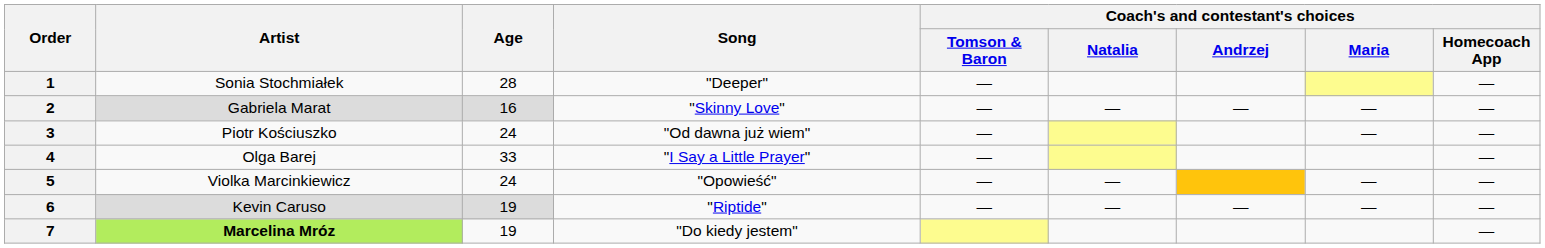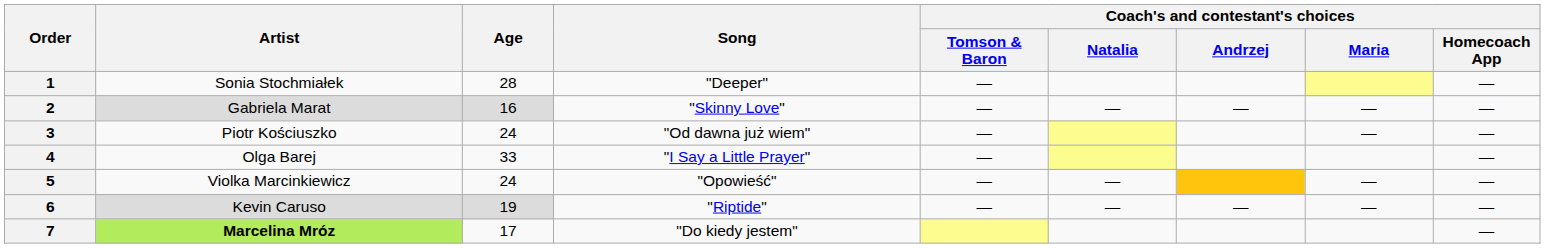 <table class="wikitable" style="text-align:center; width:100%;">
 <tr>
 <th scope="col" rowspan="2" style="width:05%;">Order</th>
 <th scope="col" rowspan="2" style="width:20%;">Artist</th>
 <th scope="col" rowspan="2" style="width:05%;">Age</th>
 <th scope="col" rowspan="2" style="width:20%;">Song</th>
 <th scope="col" colspan="5" style="width:32%;">Coach's and contestant's choices</th>
 </tr>
 <tr>
 <th style="width:07%;"><a href='#'>Tomson & Baron</a></th>
 <th style="width:07%;"><a href='#'>Natalia</a></th>
 <th style="width:07%;"><a href='#'>Andrzej</a></th>
 <th style="width:07%;"><a href='#'>Maria</a></th>
 <th style="width:04%;">Homecoach App</th>
 </tr>
 <tr>
 <th>1</th>
 <td>Sonia Stochmiałek</td>
 <td>28</td>
 <td>"Deeper"</td>
 <td>—</td>
 <td><strong></strong></td>
 <td><strong></strong></td>
 <td style="background:#fdfc8f;"><strong></strong></td>
 <td>—</td>
 </tr>
 <tr>
 <th>2</th>
 <td style="background:#DCDCDC;">Gabriela Marat</td>
 <td style="background:#DCDCDC;">16</td>
 <td>"<a href='#'>Skinny Love</a>"</td>
 <td>—</td>
 <td>—</td>
 <td>—</td>
 <td>—</td>
 <td>—</td>
 </tr>
 <tr>
 <th>3</th>
 <td>Piotr Kościuszko</td>
 <td>24</td>
 <td>"Od dawna już wiem"</td>
 <td>—</td>
 <td style="background:#fdfc8f;"><strong></strong></td>
 <td><strong></strong></td>
 <td>—</td>
 <td>—</td>
 </tr>
 <tr>
 <th>4</th>
 <td>Olga Barej</td>
 <td>33</td>
 <td>"<a href='#'>I Say a Little Prayer</a>"</td>
 <td>—</td>
 <td style="background:#fdfc8f;"><strong></strong></td>
 <td><strong></strong></td>
 <td><strong></strong></td>
 <td>—</td>
 </tr>
 <tr>
 <th>5</th>
 <td>Violka Marcinkiewicz</td>
 <td>24</td>
 <td>"Opowieść"</td>
 <td>—</td>
 <td>—</td>
 <td style="background:#FFC40C;"><strong></strong></td>
 <td>—</td>
 <td>—</td>
 </tr>
 <tr>
 <th>6</th>
 <td style="background:#DCDCDC;">Kevin Caruso</td>
 <td style="background:#DCDCDC;">19</td>
 <td>"<a href='#'>Riptide</a>"</td>
 <td>—</td>
 <td>—</td>
 <td>—</td>
 <td>—</td>
 <td>—</td>
 </tr>
 <tr>
 <th>7</th>
 <td style="background-color:#B2EC5D;"><strong>Marcelina Mróz</strong></td>
-<td>19</td>
+<td>17</td>
 <td>"Do kiedy jestem"</td>
 <td style="background:#fdfc8f;"><strong></strong></td>
 <td><strong></strong></td>
 <td><strong></strong></td>
 <td><strong></strong></td>
 <td>—</td>
 </tr>
 </table>
